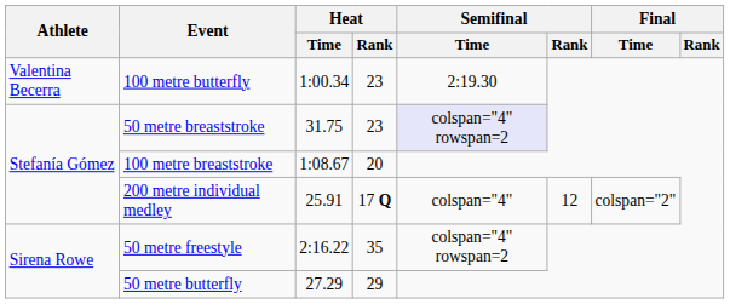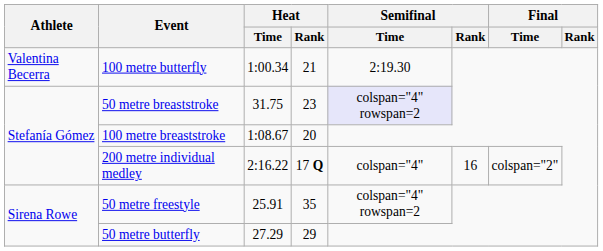 <table class="wikitable" style="text-align:center; font-size:90%; width:50%;">
 <tr>
 <th rowspan="2">Athlete</th>
 <th rowspan="2">Event</th>
 <th colspan="2">Heat</th>
 <th colspan="2">Semifinal</th>
 <th colspan="2">Final</th>
 </tr>
 <tr style="font-size:95%">
 <th>Time</th>
 <th>Rank</th>
 <th>Time</th>
 <th>Rank</th>
 <th>Time</th>
 <th>Rank</th>
 </tr>
 <tr>
 <td align=left><a href='#'>Valentina Becerra</a></td>
 <td align=left><a href='#'>100 metre butterfly</a></td>
 <td>1:00.34</td>
-<td>23</td>
+<td>21</td>
 <td>2:19.30</td>
 </tr>
 <tr>
 <td align=left rowspan=3><a href='#'>Stefanía Gómez</a></td>
 <td align=left><a href='#'>50 metre breaststroke</a></td>
 <td>31.75</td>
 <td>23</td>
 <td style="background: lavender;">colspan="4" rowspan=2 </td>
 </tr>
 <tr>
 <td align=left><a href='#'>100 metre breaststroke</a></td>
 <td>1:08.67</td>
 <td>20</td>
 </tr>
 <tr>
 <td align=left><a href='#'>200 metre individual medley</a></td>
-<td>25.91</td>
+<td>2:16.22</td>
 <td>17 <strong>Q</strong></td>
 <td>colspan="4" </td>
-<td>12</td>
+<td>16</td>
 <td>colspan="2" </td>
 </tr>
 <tr>
 <td align=left rowspan=2><a href='#'>Sirena Rowe</a></td>
 <td align=left><a href='#'>50 metre freestyle</a></td>
-<td>2:16.22</td>
+<td>25.91</td>
 <td>35</td>
 <td>colspan="4" rowspan=2 </td>
 </tr>
 <tr>
 <td align=left><a href='#'>50 metre butterfly</a></td>
 <td>27.29</td>
 <td>29</td>
 </tr>
 </table>
